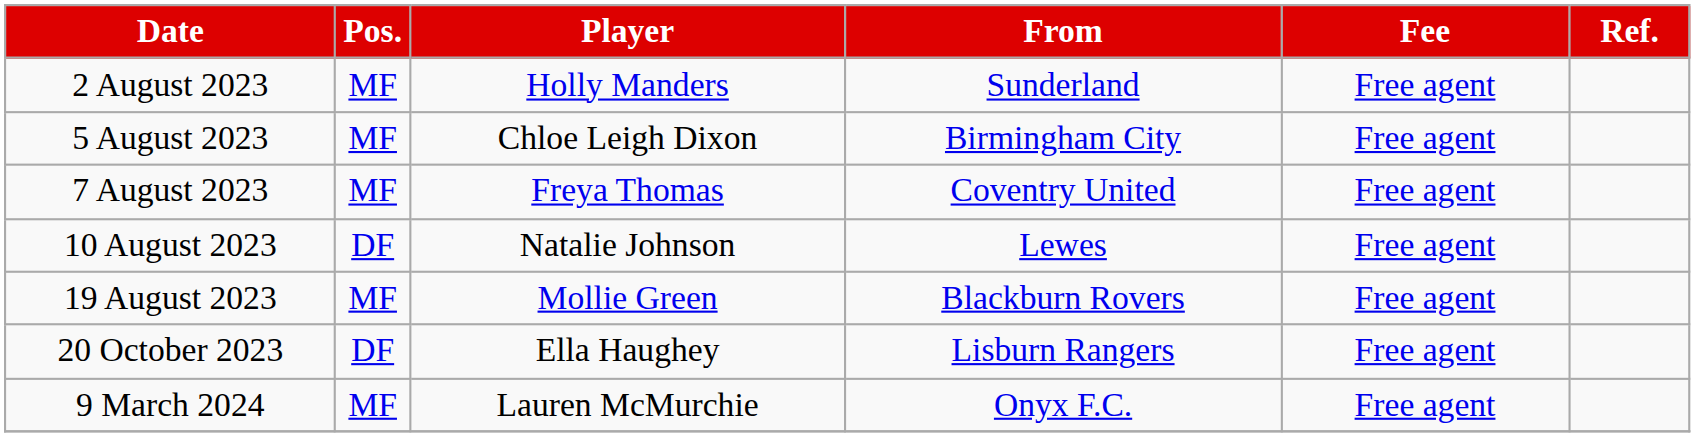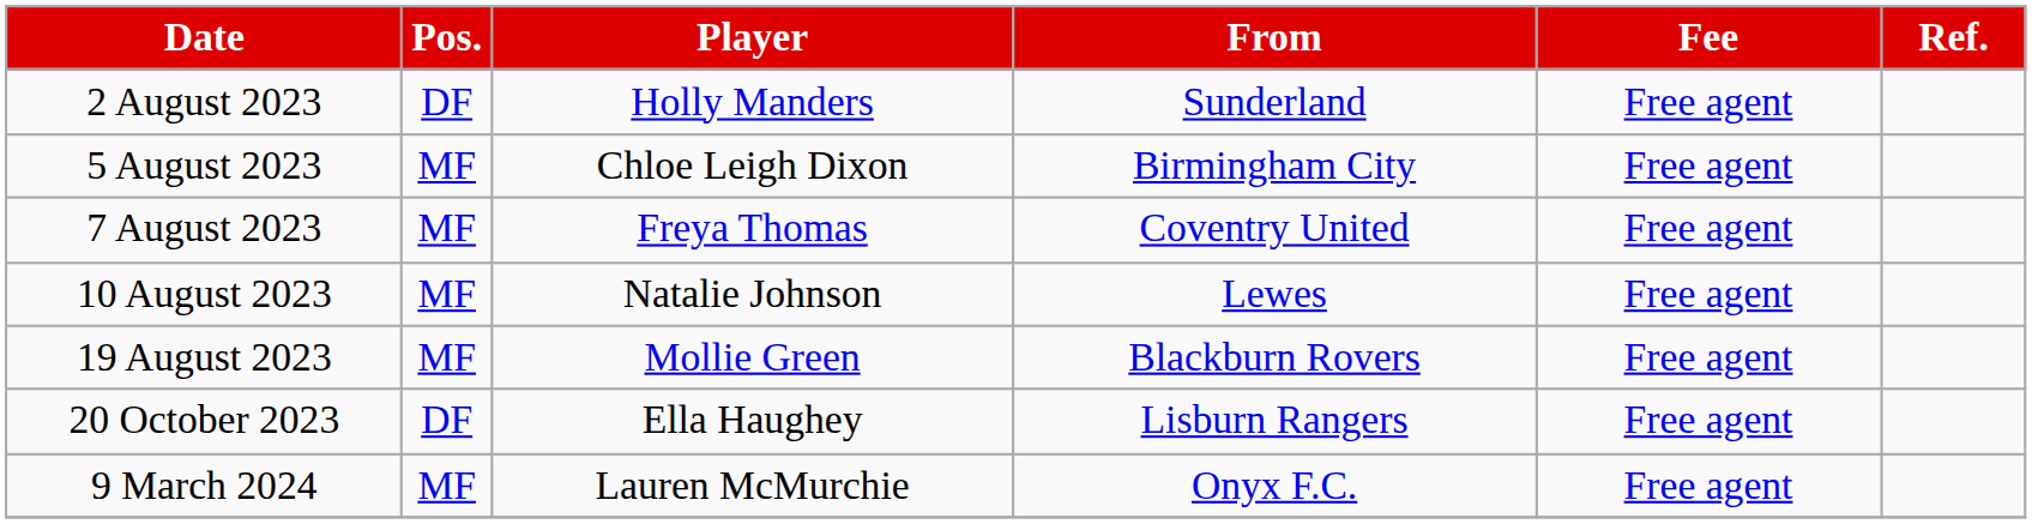 <table class="wikitable" style="text-align:center;">
 <tr>
 <th style="background:#DD0000; color:#FFFFFF; width:150px;">Date</th>
 <th style="background:#DD0000; color:#FFFFFF; width:20px;">Pos.</th>
 <th style="background:#DD0000; color:#FFFFFF; width:200px;">Player</th>
 <th style="background:#DD0000; color:#FFFFFF; width:200px;">From</th>
 <th style="background:#DD0000; color:#FFFFFF; width:130px;">Fee</th>
 <th style="background:#DD0000; color:#FFFFFF; width:50px;">Ref.</th>
 </tr>
 <tr>
 <td>2 August 2023</td>
-<td><a href='#'>MF</a></td>
+<td><a href='#'>DF</a></td>
 <td><a href='#'>Holly Manders</a></td>
 <td><a href='#'>Sunderland</a></td>
 <td><a href='#'>Free agent</a></td>
 <td></td>
 </tr>
 <tr>
 <td>5 August 2023</td>
 <td><a href='#'>MF</a></td>
 <td>Chloe Leigh Dixon</td>
 <td><a href='#'>Birmingham City</a></td>
 <td><a href='#'>Free agent</a></td>
 <td></td>
 </tr>
 <tr>
 <td>7 August 2023</td>
 <td><a href='#'>MF</a></td>
 <td><a href='#'>Freya Thomas</a></td>
 <td><a href='#'>Coventry United</a></td>
 <td><a href='#'>Free agent</a></td>
 <td></td>
 </tr>
 <tr>
 <td>10 August 2023</td>
-<td><a href='#'>DF</a></td>
+<td><a href='#'>MF</a></td>
 <td>Natalie Johnson</td>
 <td><a href='#'>Lewes</a></td>
 <td><a href='#'>Free agent</a></td>
 <td></td>
 </tr>
 <tr>
 <td>19 August 2023</td>
 <td><a href='#'>MF</a></td>
 <td><a href='#'>Mollie Green</a></td>
 <td><a href='#'>Blackburn Rovers</a></td>
 <td><a href='#'>Free agent</a></td>
 <td></td>
 </tr>
 <tr>
 <td>20 October 2023</td>
 <td><a href='#'>DF</a></td>
 <td>Ella Haughey</td>
 <td><a href='#'>Lisburn Rangers</a></td>
 <td><a href='#'>Free agent</a></td>
 <td></td>
 </tr>
 <tr>
 <td>9 March 2024</td>
 <td><a href='#'>MF</a></td>
 <td>Lauren McMurchie</td>
 <td><a href='#'>Onyx F.C.</a></td>
 <td><a href='#'>Free agent</a></td>
 <td></td>
 </tr>
 <tr>
 </tr>
 </table>
